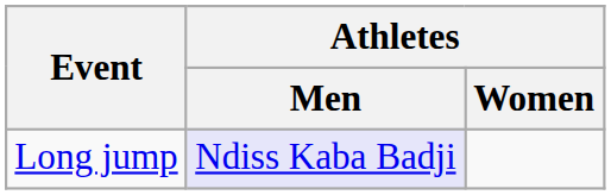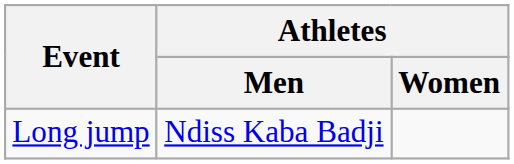 <table class=wikitable style="font-size:90%">
 <tr>
 <th rowspan=2>Event</th>
 <th colspan=2>Athletes</th>
 </tr>
 <tr>
 <th>Men</th>
 <th>Women</th>
 </tr>
 <tr>
 <td><a href='#'>Long jump</a></td>
-<td style="background: lavender;"><a href='#'>Ndiss Kaba Badji</a></td>
+<td><a href='#'>Ndiss Kaba Badji</a></td>
 <td></td>
 </tr>
 </table>
